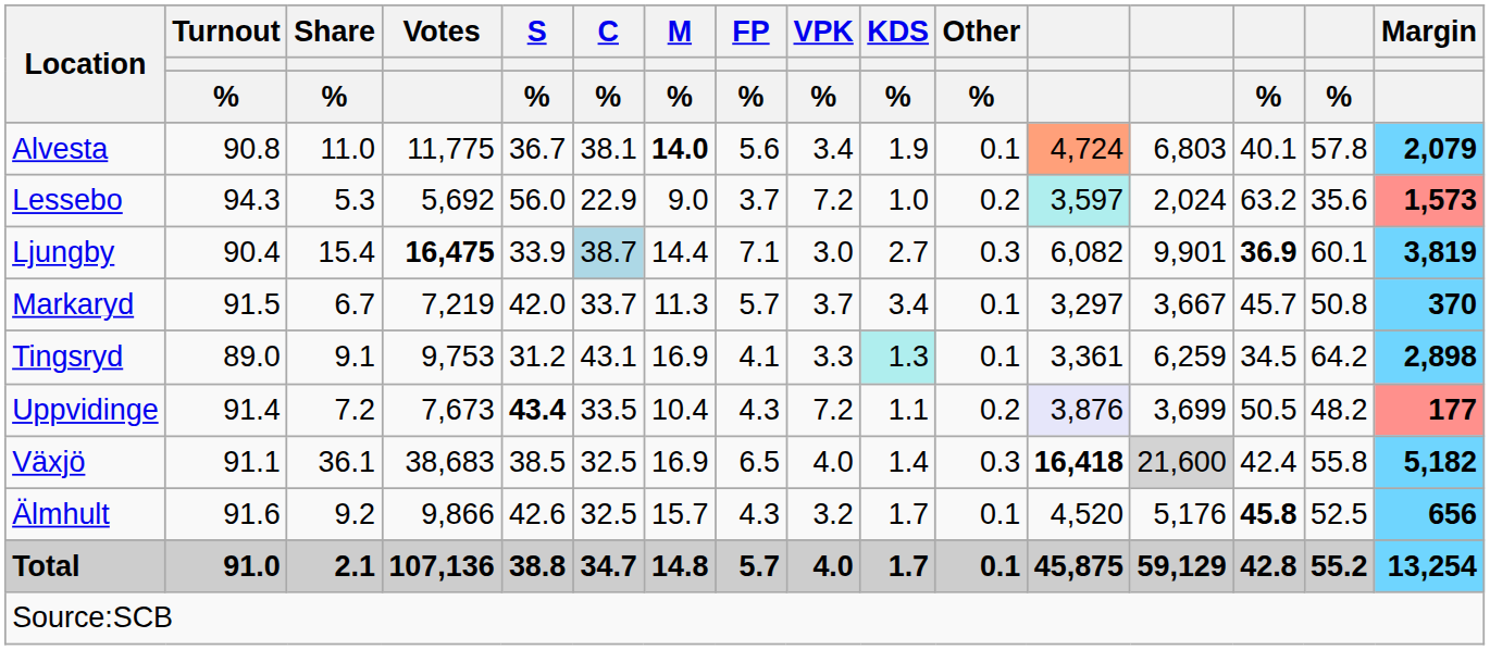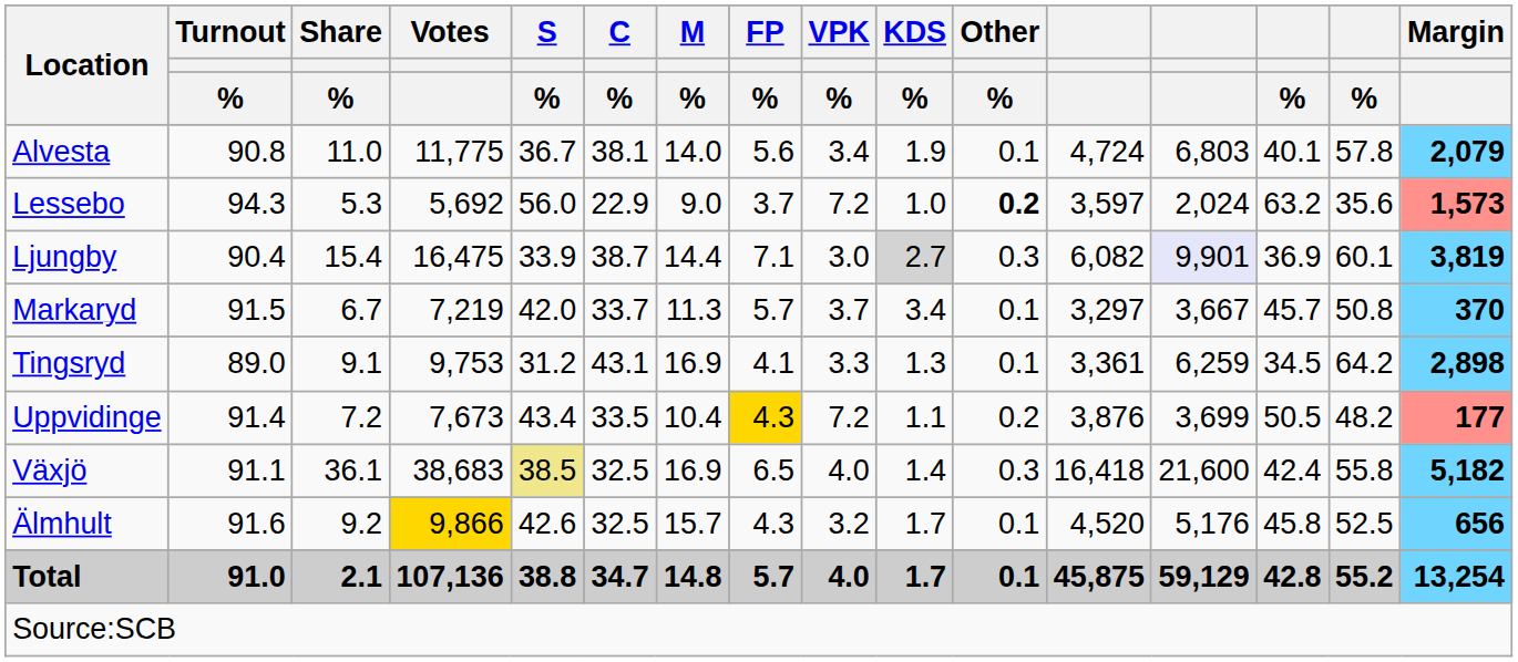 <table class="wikitable sortable" style="text-align:right; font-size:95%; line-height:20px;">
 <tr>
 <th rowspan="3">Location</th>
 <th>Turnout</th>
 <th>Share</th>
 <th>Votes</th>
 <th width="30px" class="unsortable"><a href='#'>S</a></th>
 <th width="30px" class="unsortable"><a href='#'>C</a></th>
 <th width="30px" class="unsortable"><a href='#'>M</a></th>
 <th width="30px" class="unsortable"><a href='#'>FP</a></th>
 <th width="30px" class="unsortable"><a href='#'>VPK</a></th>
 <th width="30px" class="unsortable"><a href='#'>KDS</a></th>
 <th width="30px" class="unsortable">Other</th>
 <th></th>
 <th></th>
 <th></th>
 <th></th>
 <th>Margin</th>
 </tr>
 <tr>
 <th></th>
 <th></th>
 <th></th>
 <th style="background:"></th>
 <th style="background:"></th>
 <th style="background:"></th>
 <th style="background:"></th>
 <th style="background:"></th>
 <th style="background:"></th>
 <th style="background:"></th>
 <th style="background:"></th>
 <th style="background:"></th>
 <th style="background:"></th>
 <th style="background:"></th>
 <th></th>
 </tr>
 <tr>
 <th data-sort-type="number">%</th>
 <th data-sort-type="number">%</th>
 <th></th>
 <th data-sort-type="number">%</th>
 <th data-sort-type="number">%</th>
 <th data-sort-type="number">%</th>
 <th data-sort-type="number">%</th>
 <th data-sort-type="number">%</th>
 <th data-sort-type="number">%</th>
 <th data-sort-type="number">%</th>
 <th data-sort-type="number"></th>
 <th data-sort-type="number"></th>
 <th data-sort-type="number">%</th>
 <th data-sort-type="number">%</th>
 <th data-sort-type="number"></th>
 </tr>
 <tr>
 <td align=left><a href='#'>Alvesta</a></td>
 <td>90.8</td>
 <td>11.0</td>
 <td>11,775</td>
 <td>36.7</td>
 <td>38.1</td>
-<td><strong>14.0</strong></td>
+<td>14.0</td>
 <td>5.6</td>
 <td>3.4</td>
 <td>1.9</td>
 <td>0.1</td>
-<td style="background: lightsalmon;">4,724</td>
+<td>4,724</td>
 <td>6,803</td>
 <td>40.1</td>
 <td>57.8</td>
 <td bgcolor=#6fd5fe><strong>2,079</strong></td>
 </tr>
 <tr>
 <td align=left><a href='#'>Lessebo</a></td>
 <td>94.3</td>
 <td>5.3</td>
 <td>5,692</td>
 <td>56.0</td>
 <td>22.9</td>
 <td>9.0</td>
 <td>3.7</td>
 <td>7.2</td>
 <td>1.0</td>
-<td>0.2</td>
-<td style="background: paleturquoise;">3,597</td>
+<td><strong>0.2</strong></td>
+<td>3,597</td>
 <td>2,024</td>
 <td>63.2</td>
 <td>35.6</td>
 <td bgcolor=#ff908c><strong>1,573</strong></td>
 </tr>
 <tr>
 <td align=left><a href='#'>Ljungby</a></td>
 <td>90.4</td>
 <td>15.4</td>
-<td><strong>16,475</strong></td>
+<td>16,475</td>
 <td>33.9</td>
-<td style="background: lightblue;">38.7</td>
+<td>38.7</td>
 <td>14.4</td>
 <td>7.1</td>
 <td>3.0</td>
-<td>2.7</td>
+<td style="background: lightgrey;">2.7</td>
 <td>0.3</td>
 <td>6,082</td>
-<td>9,901</td>
-<td><strong>36.9</strong></td>
+<td style="background: lavender;">9,901</td>
+<td>36.9</td>
 <td>60.1</td>
 <td bgcolor=#6fd5fe><strong>3,819</strong></td>
 </tr>
 <tr>
 <td align=left><a href='#'>Markaryd</a></td>
 <td>91.5</td>
 <td>6.7</td>
 <td>7,219</td>
 <td>42.0</td>
 <td>33.7</td>
 <td>11.3</td>
 <td>5.7</td>
 <td>3.7</td>
 <td>3.4</td>
 <td>0.1</td>
 <td>3,297</td>
 <td>3,667</td>
 <td>45.7</td>
 <td>50.8</td>
 <td bgcolor=#6fd5fe><strong>370</strong></td>
 </tr>
 <tr>
 <td align=left><a href='#'>Tingsryd</a></td>
 <td>89.0</td>
 <td>9.1</td>
 <td>9,753</td>
 <td>31.2</td>
 <td>43.1</td>
 <td>16.9</td>
 <td>4.1</td>
 <td>3.3</td>
-<td style="background: paleturquoise;">1.3</td>
+<td>1.3</td>
 <td>0.1</td>
 <td>3,361</td>
 <td>6,259</td>
 <td>34.5</td>
 <td>64.2</td>
 <td bgcolor=#6fd5fe><strong>2,898</strong></td>
 </tr>
 <tr>
 <td align=left><a href='#'>Uppvidinge</a></td>
 <td>91.4</td>
 <td>7.2</td>
 <td>7,673</td>
-<td><strong>43.4</strong></td>
+<td>43.4</td>
 <td>33.5</td>
 <td>10.4</td>
-<td>4.3</td>
+<td style="background: gold;">4.3</td>
 <td>7.2</td>
 <td>1.1</td>
 <td>0.2</td>
-<td style="background: lavender;">3,876</td>
+<td>3,876</td>
 <td>3,699</td>
 <td>50.5</td>
 <td>48.2</td>
 <td bgcolor=#ff908c><strong>177</strong></td>
 </tr>
 <tr>
 <td align=left><a href='#'>Växjö</a></td>
 <td>91.1</td>
 <td>36.1</td>
 <td>38,683</td>
-<td>38.5</td>
+<td style="background: khaki;">38.5</td>
 <td>32.5</td>
 <td>16.9</td>
 <td>6.5</td>
 <td>4.0</td>
 <td>1.4</td>
 <td>0.3</td>
-<td><strong>16,418</strong></td>
-<td style="background: lightgrey;">21,600</td>
+<td>16,418</td>
+<td>21,600</td>
 <td>42.4</td>
 <td>55.8</td>
 <td bgcolor=#6fd5fe><strong>5,182</strong></td>
 </tr>
 <tr>
 <td align=left><a href='#'>Älmhult</a></td>
 <td>91.6</td>
 <td>9.2</td>
-<td>9,866</td>
+<td style="background: gold;">9,866</td>
 <td>42.6</td>
 <td>32.5</td>
 <td>15.7</td>
 <td>4.3</td>
 <td>3.2</td>
 <td>1.7</td>
 <td>0.1</td>
 <td>4,520</td>
 <td>5,176</td>
-<td><strong>45.8</strong></td>
+<td>45.8</td>
 <td>52.5</td>
 <td bgcolor=#6fd5fe><strong>656</strong></td>
 </tr>
 <tr style="background:#CDCDCD;">
 <td align=left><strong>Total</strong></td>
 <td><strong>91.0</strong></td>
 <td><strong>2.1</strong></td>
 <td><strong>107,136</strong></td>
 <td><strong>38.8</strong></td>
 <td><strong>34.7</strong></td>
 <td><strong>14.8</strong></td>
 <td><strong>5.7</strong></td>
 <td><strong>4.0</strong></td>
 <td><strong>1.7</strong></td>
 <td><strong>0.1</strong></td>
 <td><strong>45,875</strong></td>
 <td><strong>59,129</strong></td>
 <td><strong>42.8</strong></td>
 <td><strong>55.2</strong></td>
 <td bgcolor=#6fd5fe><strong>13,254</strong></td>
 </tr>
 <tr>
 <td align=left colspan=16>Source:SCB </td>
 </tr>
 </table>
